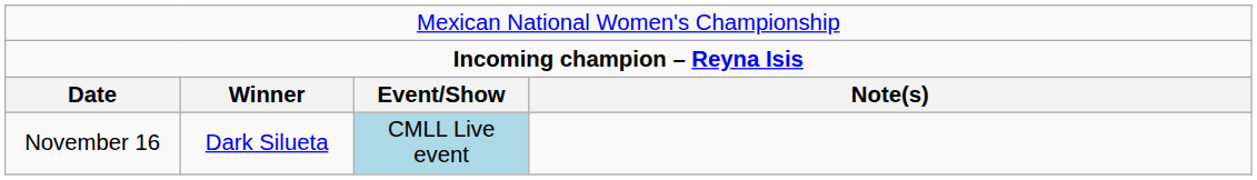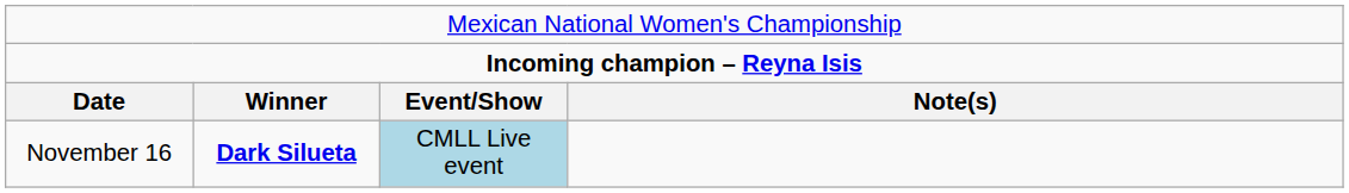 <table class="wikitable" style="text-align:center; width:100%;">
 <tr>
 <td colspan="4" style="text-align: center;"><a href='#'>Mexican National Women's Championship</a></td>
 </tr>
 <tr>
 <td colspan="4" style="text-align: center;"><strong>Incoming champion – <a href='#'>Reyna Isis</a></strong></td>
 </tr>
 <tr>
 <th width=14%>Date</th>
 <th width=14%>Winner</th>
 <th width=14%>Event/Show</th>
 <th width=58%>Note(s)</th>
 </tr>
 <tr>
 <td>November 16</td>
-<td><a href='#'>Dark Silueta</a></td>
+<td><strong><a href='#'>Dark Silueta</a></strong></td>
 <td style="background: lightblue;">CMLL Live event</td>
 <td></td>
 </tr>
 </table>
